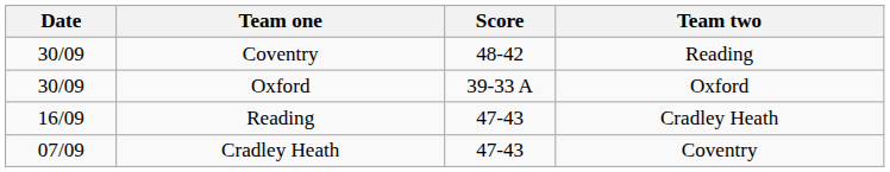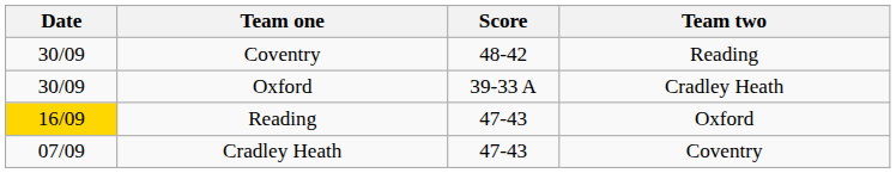 <table class="wikitable" style="text-align: center">
 <tr>
 <th width=80>Date</th>
 <th width=250>Team one</th>
 <th width=80>Score</th>
 <th width=250>Team two</th>
 </tr>
 <tr>
 <td>30/09</td>
 <td>Coventry</td>
 <td>48-42</td>
 <td>Reading</td>
 </tr>
 <tr>
 <td>30/09</td>
 <td>Oxford</td>
 <td>39-33 A</td>
-<td>Oxford</td>
+<td>Cradley Heath</td>
 </tr>
 <tr>
-<td>16/09</td>
+<td style="background: gold;">16/09</td>
 <td>Reading</td>
 <td>47-43</td>
-<td>Cradley Heath</td>
+<td>Oxford</td>
 </tr>
 <tr>
 <td>07/09</td>
 <td>Cradley Heath</td>
 <td>47-43</td>
 <td>Coventry</td>
 </tr>
 </table>
